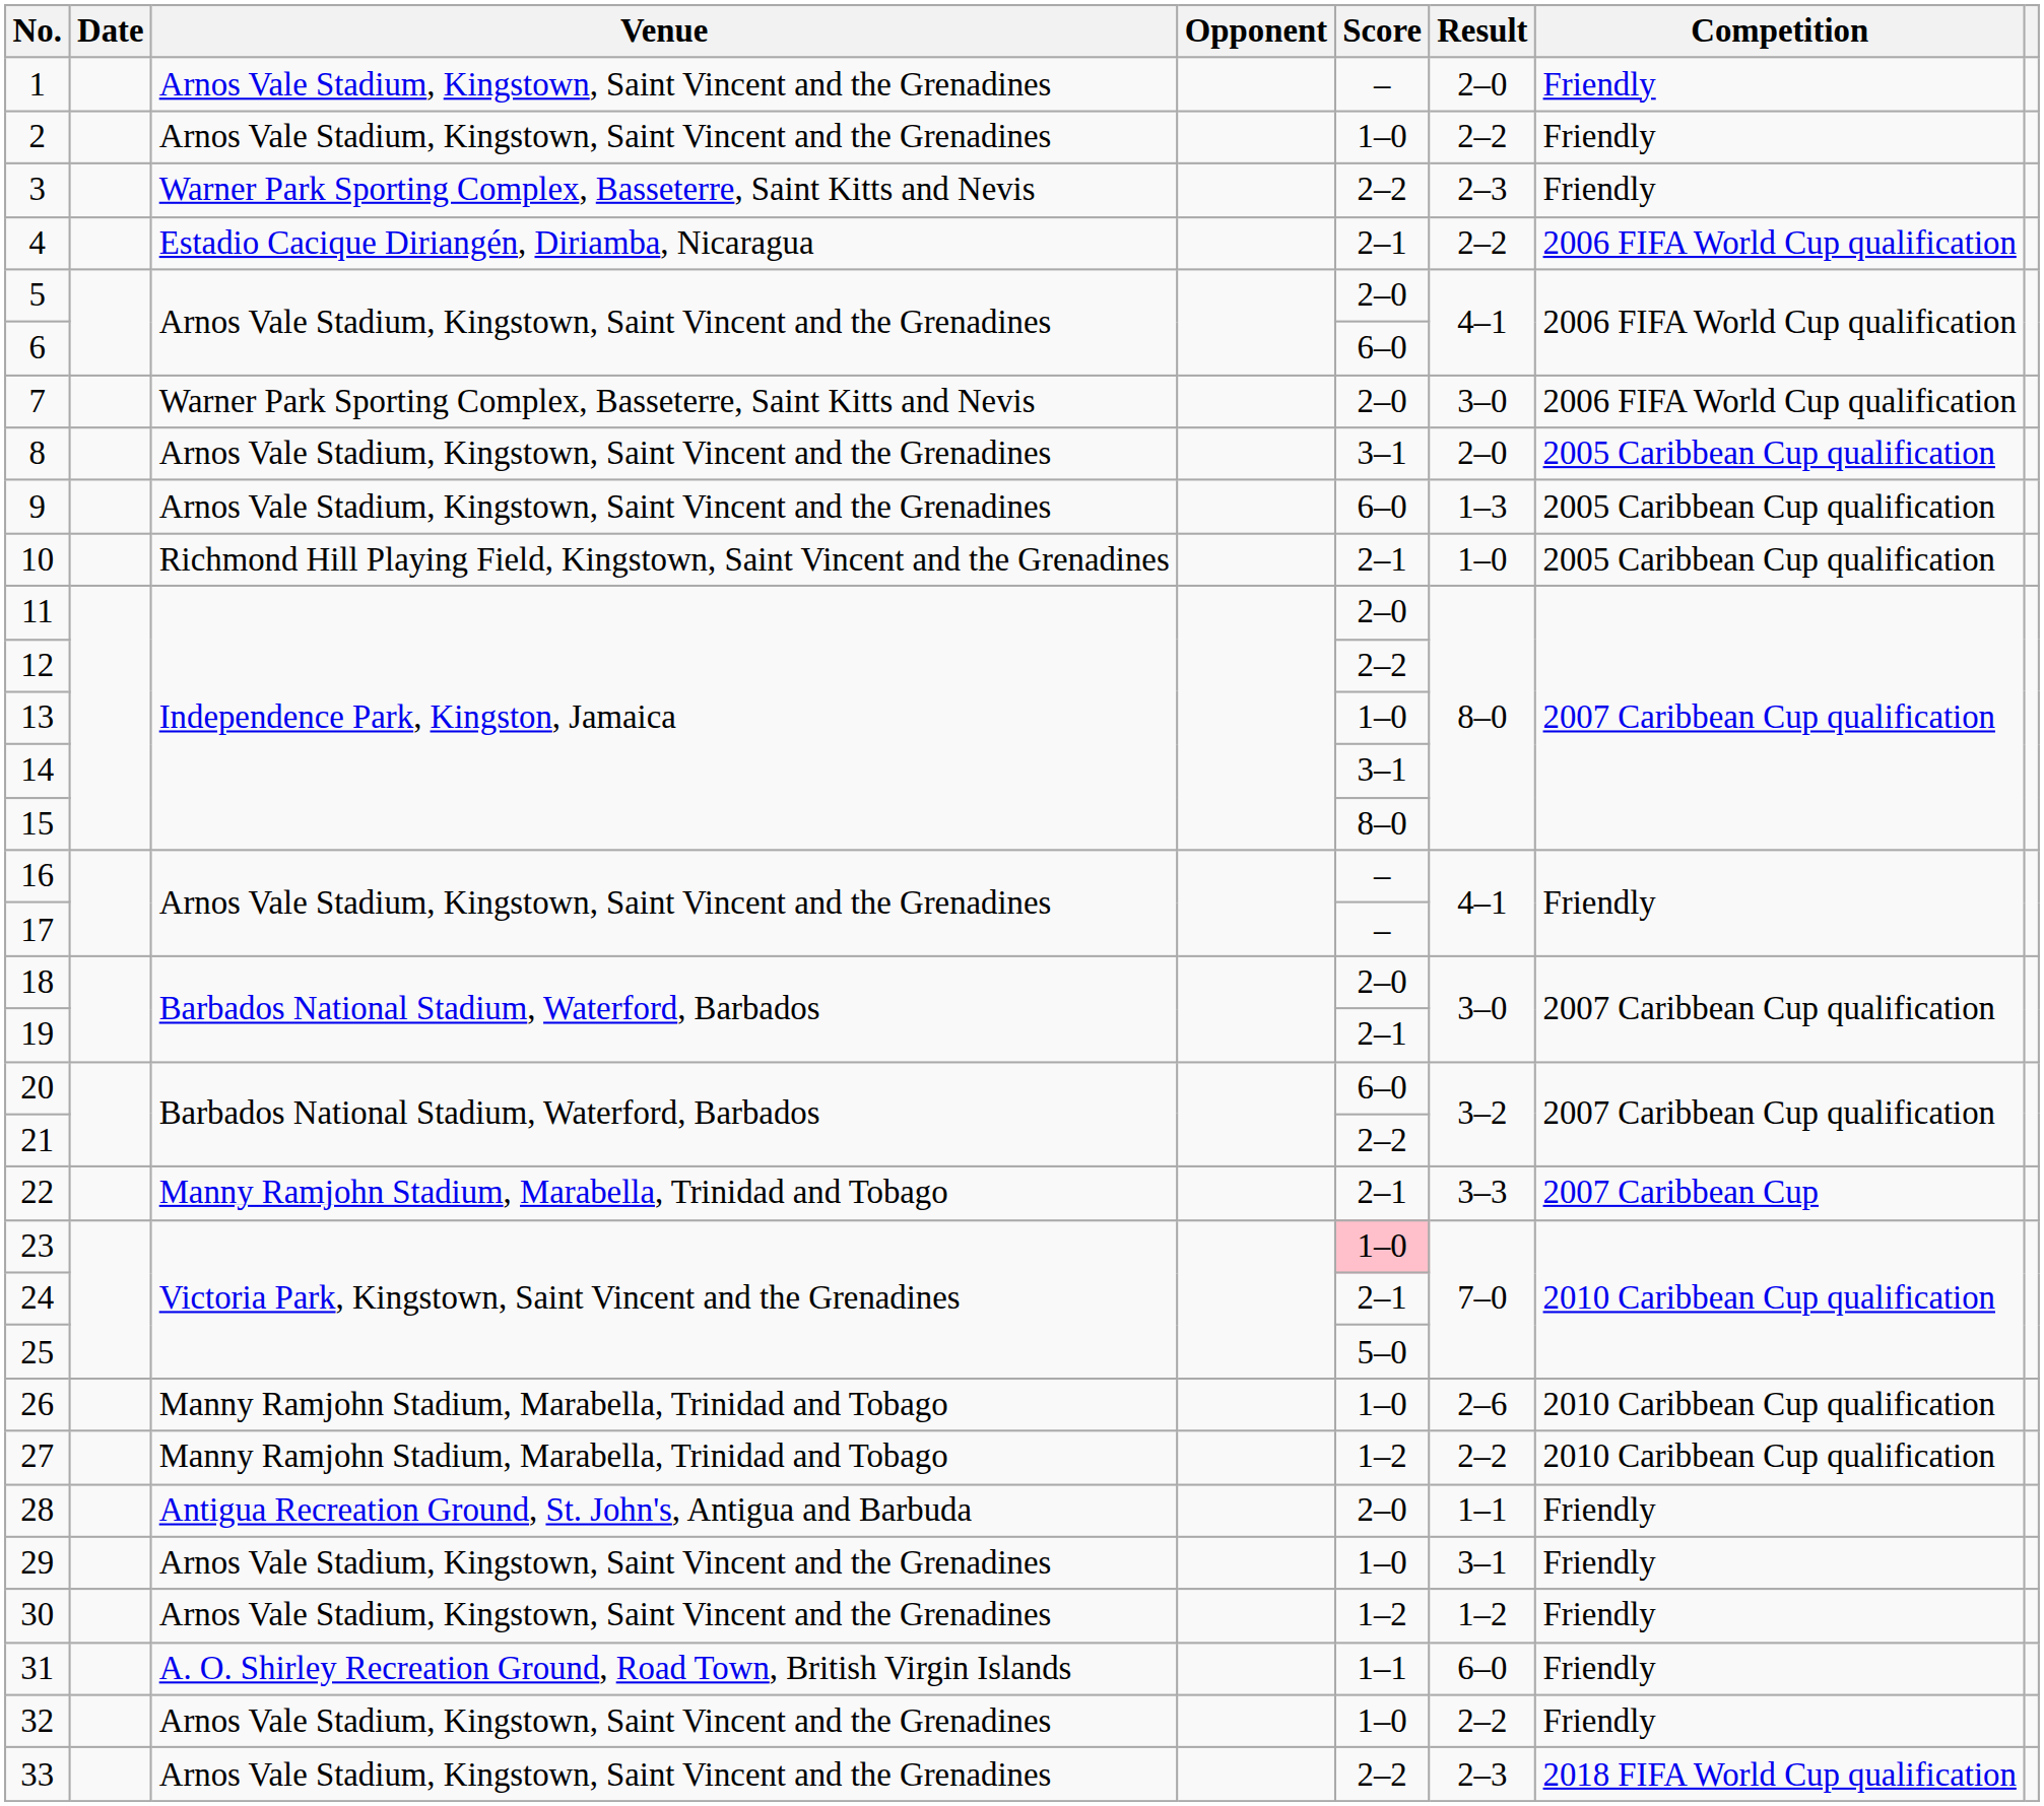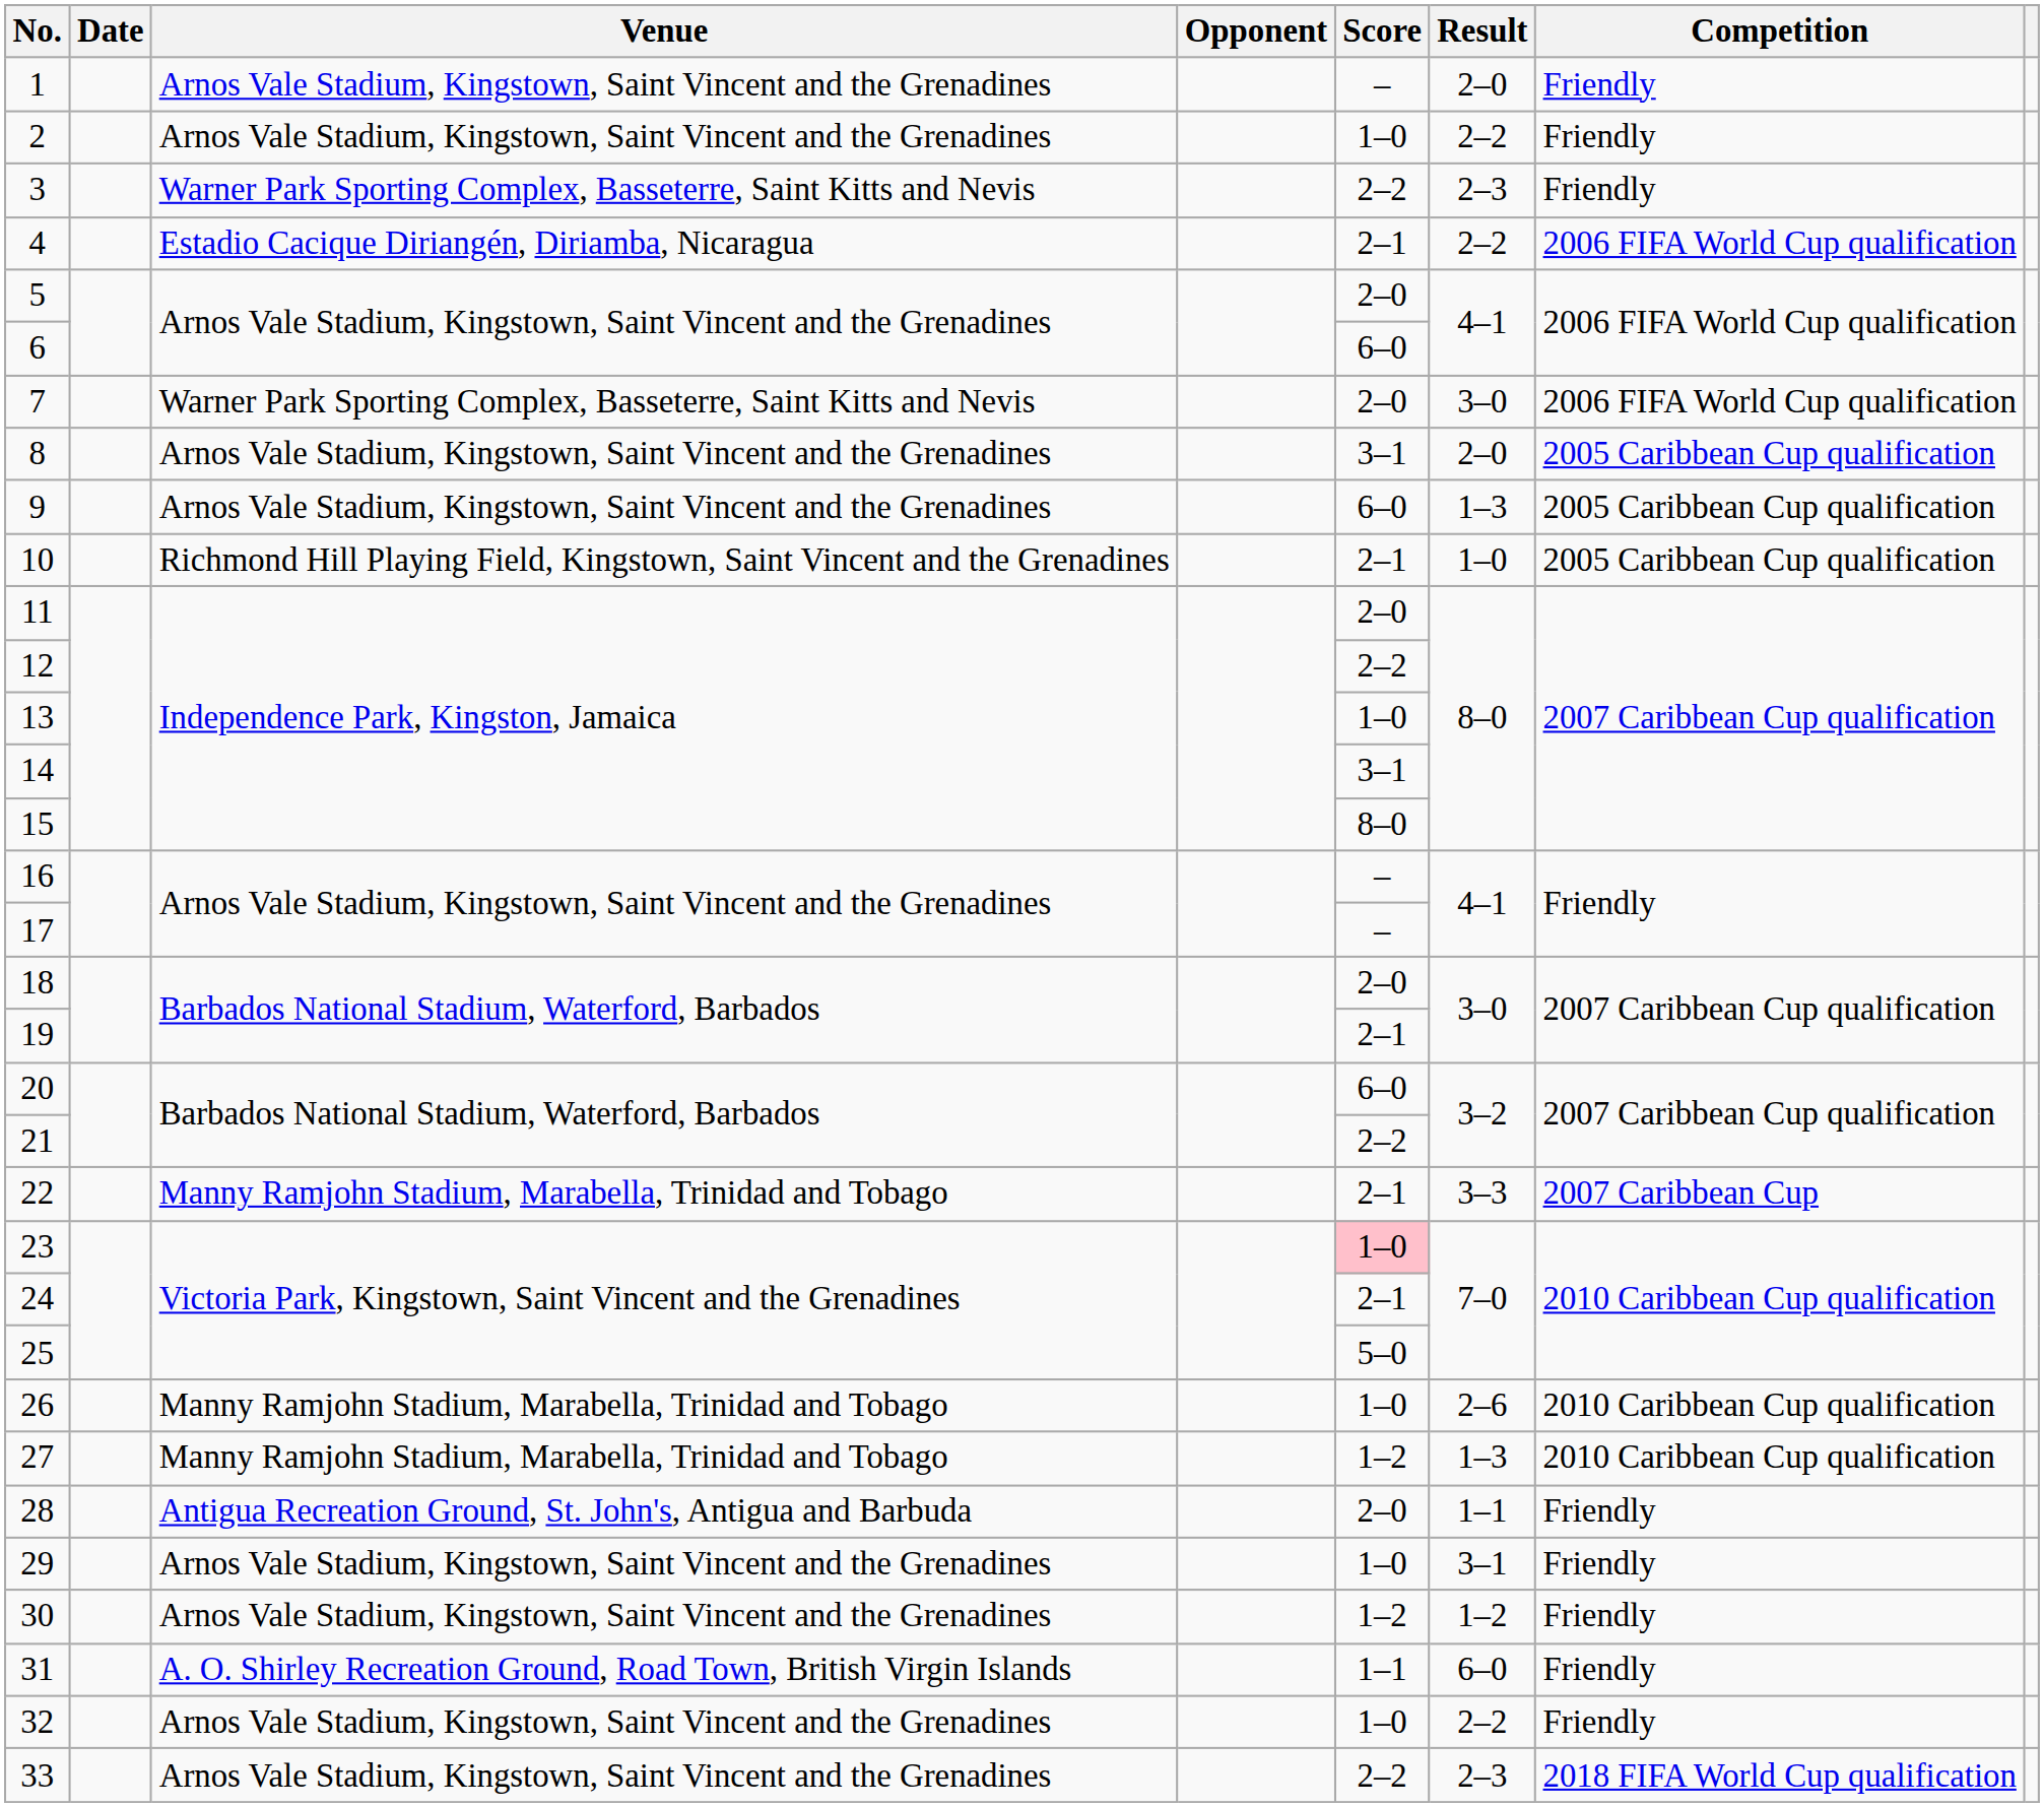 <table class="wikitable sortable">
 <tr>
 <th scope="col">No.</th>
 <th scope="col">Date</th>
 <th scope="col">Venue</th>
 <th scope="col">Opponent</th>
 <th scope="col">Score</th>
 <th scope="col">Result</th>
 <th scope="col">Competition</th>
 <th scope="col" class="unsortable"></th>
 </tr>
 <tr>
 <td style="text-align:center">1</td>
 <td></td>
 <td><a href='#'>Arnos Vale Stadium</a>, <a href='#'>Kingstown</a>, Saint Vincent and the Grenadines</td>
 <td></td>
 <td style="text-align:center">–</td>
 <td style="text-align:center">2–0</td>
 <td><a href='#'>Friendly</a></td>
 <td></td>
 </tr>
 <tr>
 <td style="text-align:center">2</td>
 <td></td>
 <td>Arnos Vale Stadium, Kingstown, Saint Vincent and the Grenadines</td>
 <td></td>
 <td style="text-align:center">1–0</td>
 <td style="text-align:center">2–2</td>
 <td>Friendly</td>
 <td></td>
 </tr>
 <tr>
 <td style="text-align:center">3</td>
 <td></td>
 <td><a href='#'>Warner Park Sporting Complex</a>, <a href='#'>Basseterre</a>, Saint Kitts and Nevis</td>
 <td></td>
 <td style="text-align:center">2–2</td>
 <td style="text-align:center">2–3</td>
 <td>Friendly</td>
 <td></td>
 </tr>
 <tr>
 <td style="text-align:center">4</td>
 <td></td>
 <td><a href='#'>Estadio Cacique Diriangén</a>, <a href='#'>Diriamba</a>, Nicaragua</td>
 <td></td>
 <td style="text-align:center">2–1</td>
 <td style="text-align:center">2–2</td>
 <td><a href='#'>2006 FIFA World Cup qualification</a></td>
 <td></td>
 </tr>
 <tr>
 <td style="text-align:center">5</td>
 <td rowspan="2"></td>
 <td rowspan="2">Arnos Vale Stadium, Kingstown, Saint Vincent and the Grenadines</td>
 <td rowspan="2"></td>
 <td style="text-align:center">2–0</td>
 <td rowspan="2" style="text-align:center">4–1</td>
 <td rowspan="2">2006 FIFA World Cup qualification</td>
 <td rowspan="2"></td>
 </tr>
 <tr>
 <td style="text-align:center">6</td>
 <td style="text-align:center">6–0</td>
 </tr>
 <tr>
 <td style="text-align:center">7</td>
 <td></td>
 <td>Warner Park Sporting Complex, Basseterre, Saint Kitts and Nevis</td>
 <td></td>
 <td style="text-align:center">2–0</td>
 <td style="text-align:center">3–0</td>
 <td>2006 FIFA World Cup qualification</td>
 <td></td>
 </tr>
 <tr>
 <td style="text-align:center">8</td>
 <td></td>
 <td>Arnos Vale Stadium, Kingstown, Saint Vincent and the Grenadines</td>
 <td></td>
 <td style="text-align:center">3–1</td>
 <td style="text-align:center">2–0</td>
 <td><a href='#'>2005 Caribbean Cup qualification</a></td>
 <td></td>
 </tr>
 <tr>
 <td style="text-align:center">9</td>
 <td></td>
 <td>Arnos Vale Stadium, Kingstown, Saint Vincent and the Grenadines</td>
 <td></td>
 <td style="text-align:center">6–0</td>
 <td style="text-align:center">1–3</td>
 <td>2005 Caribbean Cup qualification</td>
 <td></td>
 </tr>
 <tr>
 <td style="text-align:center">10</td>
 <td></td>
 <td>Richmond Hill Playing Field, Kingstown, Saint Vincent and the Grenadines</td>
 <td></td>
 <td style="text-align:center">2–1</td>
 <td style="text-align:center">1–0</td>
 <td>2005 Caribbean Cup qualification</td>
 <td></td>
 </tr>
 <tr>
 <td style="text-align:center">11</td>
 <td rowspan="5"></td>
 <td rowspan="5"><a href='#'>Independence Park</a>, <a href='#'>Kingston</a>, Jamaica</td>
 <td rowspan="5"></td>
 <td style="text-align:center">2–0</td>
 <td rowspan="5" style="text-align:center">8–0</td>
 <td rowspan="5"><a href='#'>2007 Caribbean Cup qualification</a></td>
 <td rowspan="5"></td>
 </tr>
 <tr>
 <td style="text-align:center">12</td>
 <td style="text-align:center">2–2</td>
 </tr>
 <tr>
 <td style="text-align:center">13</td>
 <td style="text-align:center">1–0</td>
 </tr>
 <tr>
 <td style="text-align:center">14</td>
 <td style="text-align:center">3–1</td>
 </tr>
 <tr>
 <td style="text-align:center">15</td>
 <td style="text-align:center">8–0</td>
 </tr>
 <tr>
 <td style="text-align:center">16</td>
 <td rowspan="2"></td>
 <td rowspan="2">Arnos Vale Stadium, Kingstown, Saint Vincent and the Grenadines</td>
 <td rowspan="2"></td>
 <td style="text-align:center">–</td>
 <td rowspan="2" style="text-align:center">4–1</td>
 <td rowspan="2">Friendly</td>
 <td rowspan="2"></td>
 </tr>
 <tr>
 <td style="text-align:center">17</td>
 <td style="text-align:center">–</td>
 </tr>
 <tr>
 <td style="text-align:center">18</td>
 <td rowspan="2"></td>
 <td rowspan="2"><a href='#'>Barbados National Stadium</a>, <a href='#'>Waterford</a>, Barbados</td>
 <td rowspan="2"></td>
 <td style="text-align:center">2–0</td>
 <td rowspan="2" style="text-align:center">3–0</td>
 <td rowspan="2">2007 Caribbean Cup qualification</td>
 <td rowspan="2"></td>
 </tr>
 <tr>
 <td style="text-align:center">19</td>
 <td style="text-align:center">2–1</td>
 </tr>
 <tr>
 <td style="text-align:center">20</td>
 <td rowspan="2"></td>
 <td rowspan="2">Barbados National Stadium, Waterford, Barbados</td>
 <td rowspan="2"></td>
 <td style="text-align:center">6–0</td>
 <td rowspan="2" style="text-align:center">3–2</td>
 <td rowspan="2">2007 Caribbean Cup qualification</td>
 <td rowspan="2"></td>
 </tr>
 <tr>
 <td style="text-align:center">21</td>
 <td style="text-align:center">2–2</td>
 </tr>
 <tr>
 <td style="text-align:center">22</td>
 <td></td>
 <td><a href='#'>Manny Ramjohn Stadium</a>, <a href='#'>Marabella</a>, Trinidad and Tobago</td>
 <td></td>
 <td style="text-align:center">2–1</td>
 <td style="text-align:center">3–3</td>
 <td><a href='#'>2007 Caribbean Cup</a></td>
 <td></td>
 </tr>
 <tr>
 <td style="text-align:center">23</td>
 <td rowspan="3"></td>
 <td rowspan="3"><a href='#'>Victoria Park</a>, Kingstown, Saint Vincent and the Grenadines</td>
 <td rowspan="3"></td>
 <td style="background: pink; text-align:center">1–0</td>
 <td rowspan="3" style="text-align:center">7–0</td>
 <td rowspan="3"><a href='#'>2010 Caribbean Cup qualification</a></td>
 <td rowspan="3"></td>
 </tr>
 <tr>
 <td style="text-align:center">24</td>
 <td style="text-align:center">2–1</td>
 </tr>
 <tr>
 <td style="text-align:center">25</td>
 <td style="text-align:center">5–0</td>
 </tr>
 <tr>
 <td style="text-align:center">26</td>
 <td></td>
 <td>Manny Ramjohn Stadium, Marabella, Trinidad and Tobago</td>
 <td></td>
 <td style="text-align:center">1–0</td>
 <td style="text-align:center">2–6</td>
 <td>2010 Caribbean Cup qualification</td>
 <td></td>
 </tr>
 <tr>
 <td style="text-align:center">27</td>
 <td></td>
 <td>Manny Ramjohn Stadium, Marabella, Trinidad and Tobago</td>
 <td></td>
 <td style="text-align:center">1–2</td>
-<td style="text-align:center">2–2</td>
+<td style="text-align:center">1–3</td>
 <td>2010 Caribbean Cup qualification</td>
 <td></td>
 </tr>
 <tr>
 <td style="text-align:center">28</td>
 <td></td>
 <td><a href='#'>Antigua Recreation Ground</a>, <a href='#'>St. John's</a>, Antigua and Barbuda</td>
 <td></td>
 <td style="text-align:center">2–0</td>
 <td style="text-align:center">1–1</td>
 <td>Friendly</td>
 <td></td>
 </tr>
 <tr>
 <td style="text-align:center">29</td>
 <td></td>
 <td>Arnos Vale Stadium, Kingstown, Saint Vincent and the Grenadines</td>
 <td></td>
 <td style="text-align:center">1–0</td>
 <td style="text-align:center">3–1</td>
 <td>Friendly</td>
 <td></td>
 </tr>
 <tr>
 <td style="text-align:center">30</td>
 <td></td>
 <td>Arnos Vale Stadium, Kingstown, Saint Vincent and the Grenadines</td>
 <td></td>
 <td style="text-align:center">1–2</td>
 <td style="text-align:center">1–2</td>
 <td>Friendly</td>
 <td></td>
 </tr>
 <tr>
 <td style="text-align:center">31</td>
 <td></td>
 <td><a href='#'>A. O. Shirley Recreation Ground</a>, <a href='#'>Road Town</a>, British Virgin Islands</td>
 <td></td>
 <td style="text-align:center">1–1</td>
 <td style="text-align:center">6–0</td>
 <td>Friendly</td>
 <td></td>
 </tr>
 <tr>
 <td style="text-align:center">32</td>
 <td></td>
 <td>Arnos Vale Stadium, Kingstown, Saint Vincent and the Grenadines</td>
 <td></td>
 <td style="text-align:center">1–0</td>
 <td style="text-align:center">2–2</td>
 <td>Friendly</td>
 <td></td>
 </tr>
 <tr>
 <td style="text-align:center">33</td>
 <td></td>
 <td>Arnos Vale Stadium, Kingstown, Saint Vincent and the Grenadines</td>
 <td></td>
 <td style="text-align:center">2–2</td>
 <td style="text-align:center">2–3</td>
 <td><a href='#'>2018 FIFA World Cup qualification</a></td>
 <td></td>
 </tr>
 </table>
